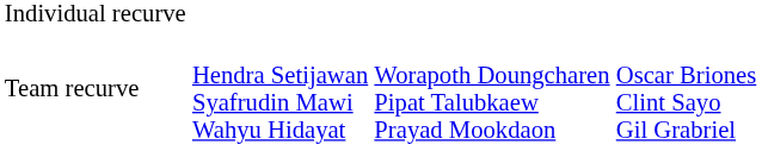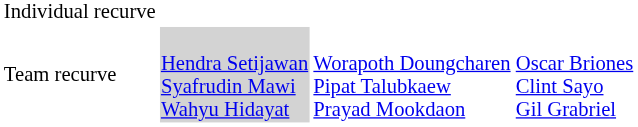 <table>
 <tr>
 <td>Individual recurve</td>
 <td></td>
 <td></td>
 <td></td>
 </tr>
 <tr>
 <td>Team recurve</td>
-<td><br><a href='#'>Hendra Setijawan</a> <br> <a href='#'>Syafrudin Mawi</a> <br> <a href='#'>Wahyu Hidayat</a></td>
+<td style="background: lightgrey;"><br><a href='#'>Hendra Setijawan</a> <br> <a href='#'>Syafrudin Mawi</a> <br> <a href='#'>Wahyu Hidayat</a></td>
 <td><br><a href='#'>Worapoth Doungcharen</a> <br> <a href='#'>Pipat Talubkaew</a> <br> <a href='#'>Prayad Mookdaon</a></td>
 <td><br><a href='#'>Oscar Briones</a> <br> <a href='#'>Clint Sayo</a> <br> <a href='#'>Gil Grabriel</a></td>
 </tr>
 </table>
